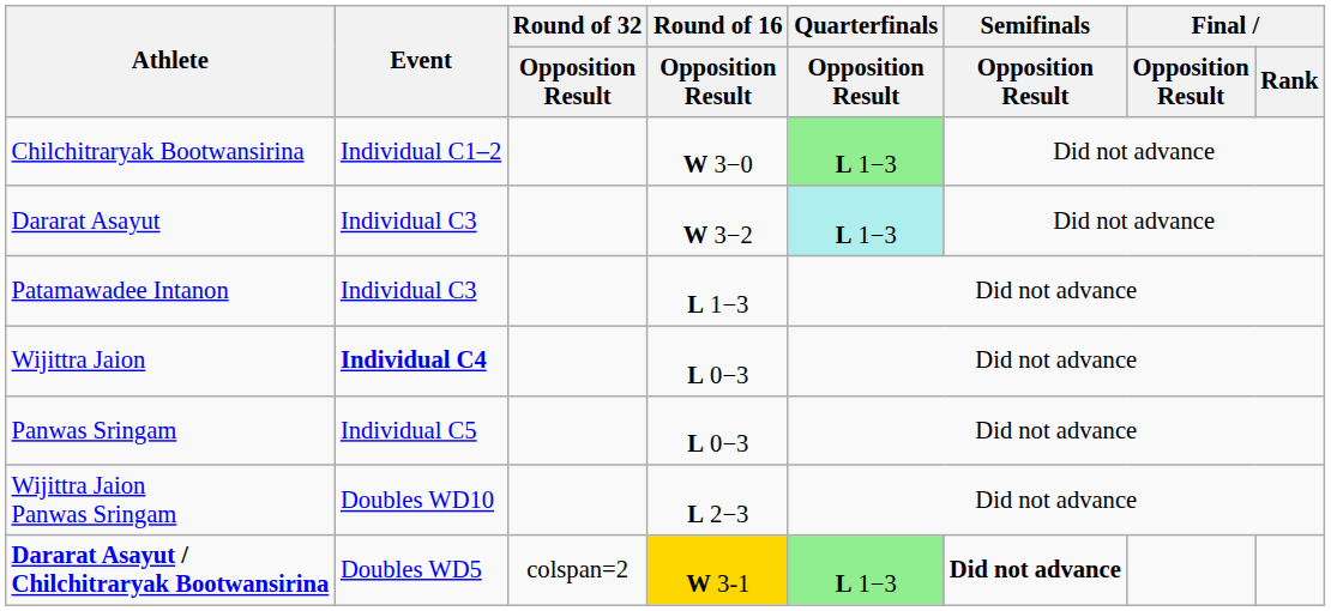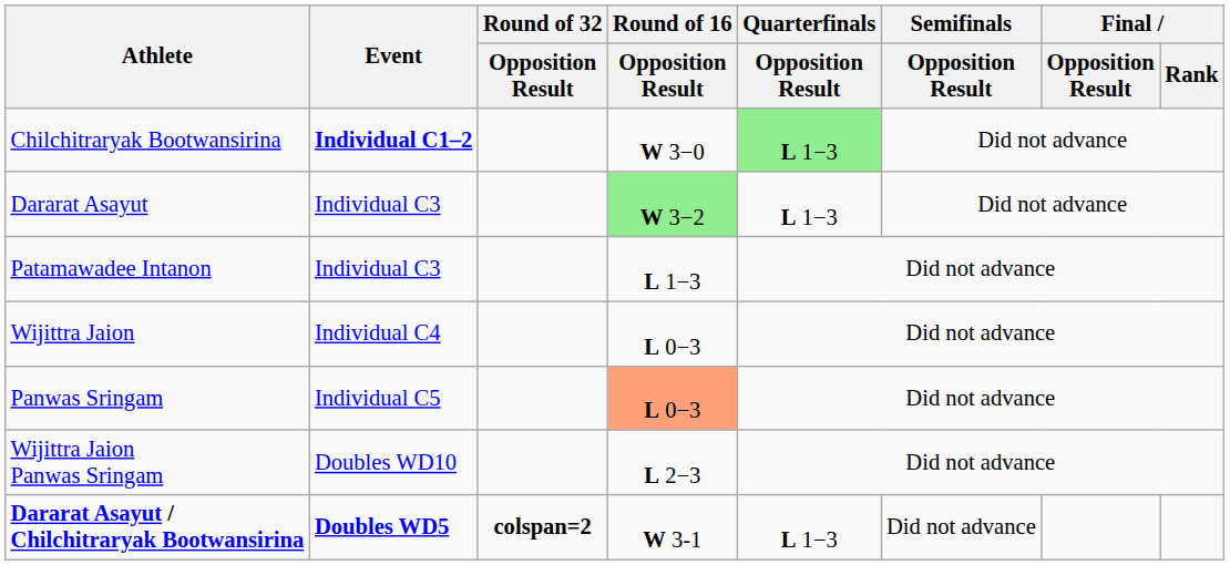 <table class=wikitable style="font-size:90%">
 <tr align=center>
 <th rowspan="2">Athlete</th>
 <th rowspan="2">Event</th>
 <th>Round of 32</th>
 <th>Round of 16</th>
 <th>Quarterfinals</th>
 <th>Semifinals</th>
 <th colspan="2">Final / </th>
 </tr>
 <tr>
 <th>Opposition<br>Result</th>
 <th>Opposition<br>Result</th>
 <th>Opposition<br>Result</th>
 <th>Opposition<br>Result</th>
 <th>Opposition<br>Result</th>
 <th>Rank</th>
 </tr>
 <tr align=center>
 <td align=left><a href='#'>Chilchitraryak Bootwansirina</a></td>
-<td align=left><a href='#'>Individual C1–2</a></td>
+<td align=left><strong><a href='#'>Individual C1–2</a></strong></td>
 <td></td>
 <td><br><strong>W</strong> 3−0</td>
 <td style="background: lightgreen;"><br><strong>L</strong> 1−3</td>
 <td colspan="3">Did not advance</td>
 </tr>
 <tr align=center>
 <td align=left><a href='#'>Dararat Asayut</a></td>
 <td align=left><a href='#'>Individual C3</a></td>
 <td></td>
-<td><br><strong>W</strong> 3−2</td>
-<td style="background: paleturquoise;"><br><strong>L</strong> 1−3</td>
+<td style="background: lightgreen;"><br><strong>W</strong> 3−2</td>
+<td><br><strong>L</strong> 1−3</td>
 <td colspan="3">Did not advance</td>
 </tr>
 <tr align=center>
 <td align=left><a href='#'>Patamawadee Intanon</a></td>
 <td align=left><a href='#'>Individual C3</a></td>
 <td></td>
 <td><br><strong>L</strong> 1−3</td>
 <td colspan="4">Did not advance</td>
 </tr>
 <tr align=center>
 <td align=left><a href='#'>Wijittra Jaion</a></td>
-<td align=left><strong><a href='#'>Individual C4</a></strong></td>
+<td align=left><a href='#'>Individual C4</a></td>
 <td></td>
 <td><br><strong>L</strong> 0−3</td>
 <td colspan="4">Did not advance</td>
 </tr>
 <tr align=center>
 <td align=left><a href='#'>Panwas Sringam</a></td>
 <td align=left><a href='#'>Individual C5</a></td>
 <td></td>
-<td><br><strong>L</strong> 0−3</td>
+<td style="background: lightsalmon;"><br><strong>L</strong> 0−3</td>
 <td colspan="4">Did not advance</td>
 </tr>
 <tr align=center>
 <td align=left><a href='#'>Wijittra Jaion</a><br> <a href='#'>Panwas Sringam</a></td>
 <td align=left><a href='#'>Doubles WD10</a></td>
 <td></td>
 <td><br><strong>L</strong> 2−3</td>
 <td colspan="4">Did not advance</td>
 </tr>
 <tr align=center>
 <td align=left><strong><a href='#'>Dararat Asayut</a> /<br><a href='#'>Chilchitraryak Bootwansirina</a></strong></td>
-<td align=left><a href='#'>Doubles WD5</a></td>
-<td>colspan=2 </td>
-<td style="background: gold;"><br><strong>W</strong> 3-1</td>
-<td style="background: lightgreen;"><br><strong>L</strong> 1−3</td>
-<td><strong>Did not advance</strong></td>
+<td align=left><strong><a href='#'>Doubles WD5</a></strong></td>
+<td><strong>colspan=2 </strong></td>
+<td><br><strong>W</strong> 3-1</td>
+<td><br><strong>L</strong> 1−3</td>
+<td>Did not advance</td>
 <td></td>
 </tr>
 </table>
